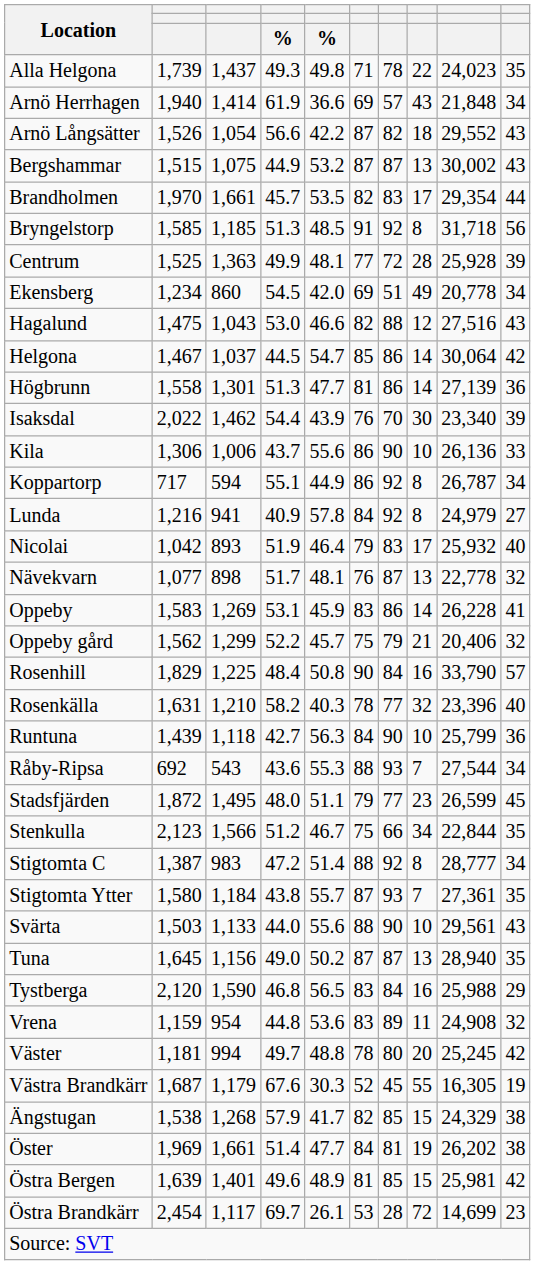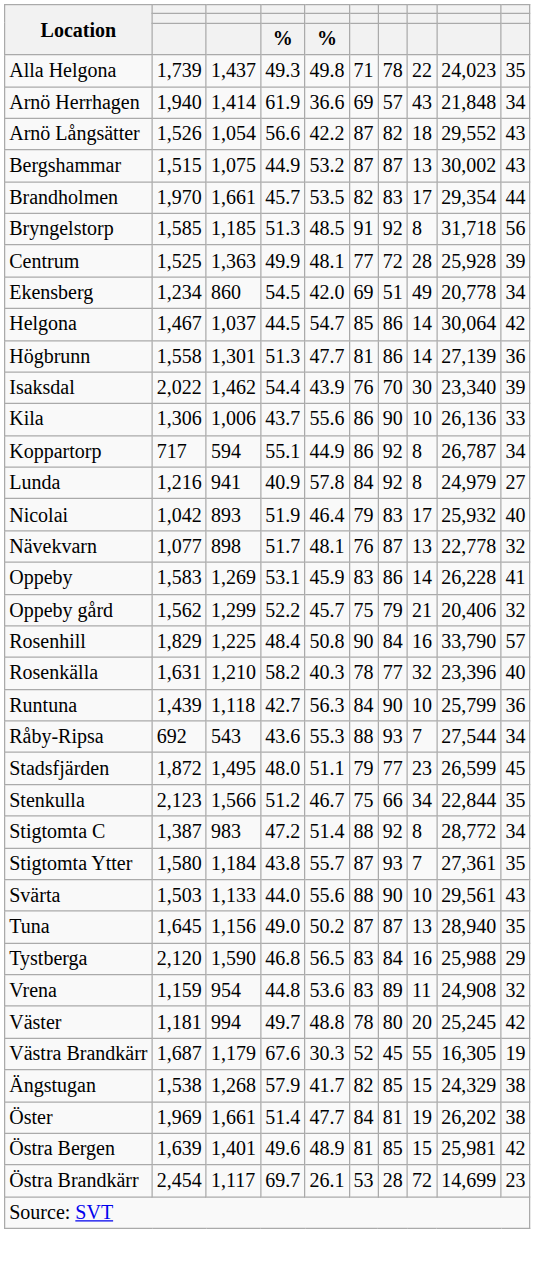 <table role="presentation" class="wikitable sortable mw-collapsible mw-collapsed">
 <tr>
 <th rowspan="3">Location</th>
 <th></th>
 <th></th>
 <th></th>
 <th></th>
 <th></th>
 <th></th>
 <th></th>
 <th></th>
 <th></th>
 </tr>
 <tr>
 <th></th>
 <th></th>
 <th style="background:"></th>
 <th style="background:"></th>
 <th></th>
 <th></th>
 <th></th>
 <th></th>
 <th></th>
 </tr>
 <tr>
 <th data-sort-type="number"></th>
 <th data-sort-type="number"></th>
 <th data-sort-type="number">%</th>
 <th data-sort-type="number">%</th>
 <th data-sort-type="number"></th>
 <th data-sort-type="number"></th>
 <th data-sort-type="number"></th>
 <th data-sort-type="number"></th>
 <th data-sort-type="number"></th>
 </tr>
 <tr>
 <td align="left">Alla Helgona</td>
 <td>1,739</td>
 <td>1,437</td>
 <td>49.3</td>
 <td>49.8</td>
 <td>71</td>
 <td>78</td>
 <td>22</td>
 <td>24,023</td>
 <td>35</td>
 </tr>
 <tr>
 <td align="left">Arnö Herrhagen</td>
 <td>1,940</td>
 <td>1,414</td>
 <td>61.9</td>
 <td>36.6</td>
 <td>69</td>
 <td>57</td>
 <td>43</td>
 <td>21,848</td>
 <td>34</td>
 </tr>
 <tr>
 <td align="left">Arnö Långsätter</td>
 <td>1,526</td>
 <td>1,054</td>
 <td>56.6</td>
 <td>42.2</td>
 <td>87</td>
 <td>82</td>
 <td>18</td>
 <td>29,552</td>
 <td>43</td>
 </tr>
 <tr>
 <td align="left">Bergshammar</td>
 <td>1,515</td>
 <td>1,075</td>
 <td>44.9</td>
 <td>53.2</td>
 <td>87</td>
 <td>87</td>
 <td>13</td>
 <td>30,002</td>
 <td>43</td>
 </tr>
 <tr>
 <td align="left">Brandholmen</td>
 <td>1,970</td>
 <td>1,661</td>
 <td>45.7</td>
 <td>53.5</td>
 <td>82</td>
 <td>83</td>
 <td>17</td>
 <td>29,354</td>
 <td>44</td>
 </tr>
 <tr>
 <td align="left">Bryngelstorp</td>
 <td>1,585</td>
 <td>1,185</td>
 <td>51.3</td>
 <td>48.5</td>
 <td>91</td>
 <td>92</td>
 <td>8</td>
 <td>31,718</td>
 <td>56</td>
 </tr>
 <tr>
 <td align="left">Centrum</td>
 <td>1,525</td>
 <td>1,363</td>
 <td>49.9</td>
 <td>48.1</td>
 <td>77</td>
 <td>72</td>
 <td>28</td>
 <td>25,928</td>
 <td>39</td>
 </tr>
 <tr>
 <td align="left">Ekensberg</td>
 <td>1,234</td>
 <td>860</td>
 <td>54.5</td>
 <td>42.0</td>
 <td>69</td>
 <td>51</td>
 <td>49</td>
 <td>20,778</td>
 <td>34</td>
-</tr>
-<tr>
-<td align="left">Hagalund</td>
-<td>1,475</td>
-<td>1,043</td>
-<td>53.0</td>
-<td>46.6</td>
-<td>82</td>
-<td>88</td>
-<td>12</td>
-<td>27,516</td>
-<td>43</td>
 </tr>
 <tr>
 <td align="left">Helgona</td>
 <td>1,467</td>
 <td>1,037</td>
 <td>44.5</td>
 <td>54.7</td>
 <td>85</td>
 <td>86</td>
 <td>14</td>
 <td>30,064</td>
 <td>42</td>
 </tr>
 <tr>
 <td align="left">Högbrunn</td>
 <td>1,558</td>
 <td>1,301</td>
 <td>51.3</td>
 <td>47.7</td>
 <td>81</td>
 <td>86</td>
 <td>14</td>
 <td>27,139</td>
 <td>36</td>
 </tr>
 <tr>
 <td align="left">Isaksdal</td>
 <td>2,022</td>
 <td>1,462</td>
 <td>54.4</td>
 <td>43.9</td>
 <td>76</td>
 <td>70</td>
 <td>30</td>
 <td>23,340</td>
 <td>39</td>
 </tr>
 <tr>
 <td align="left">Kila</td>
 <td>1,306</td>
 <td>1,006</td>
 <td>43.7</td>
 <td>55.6</td>
 <td>86</td>
 <td>90</td>
 <td>10</td>
 <td>26,136</td>
 <td>33</td>
 </tr>
 <tr>
 <td align="left">Koppartorp</td>
 <td>717</td>
 <td>594</td>
 <td>55.1</td>
 <td>44.9</td>
 <td>86</td>
 <td>92</td>
 <td>8</td>
 <td>26,787</td>
 <td>34</td>
 </tr>
 <tr>
 <td align="left">Lunda</td>
 <td>1,216</td>
 <td>941</td>
 <td>40.9</td>
 <td>57.8</td>
 <td>84</td>
 <td>92</td>
 <td>8</td>
 <td>24,979</td>
 <td>27</td>
 </tr>
 <tr>
 <td align="left">Nicolai</td>
 <td>1,042</td>
 <td>893</td>
 <td>51.9</td>
 <td>46.4</td>
 <td>79</td>
 <td>83</td>
 <td>17</td>
 <td>25,932</td>
 <td>40</td>
 </tr>
 <tr>
 <td align="left">Nävekvarn</td>
 <td>1,077</td>
 <td>898</td>
 <td>51.7</td>
 <td>48.1</td>
 <td>76</td>
 <td>87</td>
 <td>13</td>
 <td>22,778</td>
 <td>32</td>
 </tr>
 <tr>
 <td align="left">Oppeby</td>
 <td>1,583</td>
 <td>1,269</td>
 <td>53.1</td>
 <td>45.9</td>
 <td>83</td>
 <td>86</td>
 <td>14</td>
 <td>26,228</td>
 <td>41</td>
 </tr>
 <tr>
 <td align="left">Oppeby gård</td>
 <td>1,562</td>
 <td>1,299</td>
 <td>52.2</td>
 <td>45.7</td>
 <td>75</td>
 <td>79</td>
 <td>21</td>
 <td>20,406</td>
 <td>32</td>
 </tr>
 <tr>
 <td align="left">Rosenhill</td>
 <td>1,829</td>
 <td>1,225</td>
 <td>48.4</td>
 <td>50.8</td>
 <td>90</td>
 <td>84</td>
 <td>16</td>
 <td>33,790</td>
 <td>57</td>
 </tr>
 <tr>
 <td align="left">Rosenkälla</td>
 <td>1,631</td>
 <td>1,210</td>
 <td>58.2</td>
 <td>40.3</td>
 <td>78</td>
 <td>77</td>
 <td>32</td>
 <td>23,396</td>
 <td>40</td>
 </tr>
 <tr>
 <td align="left">Runtuna</td>
 <td>1,439</td>
 <td>1,118</td>
 <td>42.7</td>
 <td>56.3</td>
 <td>84</td>
 <td>90</td>
 <td>10</td>
 <td>25,799</td>
 <td>36</td>
 </tr>
 <tr>
 <td align="left">Råby-Ripsa</td>
 <td>692</td>
 <td>543</td>
 <td>43.6</td>
 <td>55.3</td>
 <td>88</td>
 <td>93</td>
 <td>7</td>
 <td>27,544</td>
 <td>34</td>
 </tr>
 <tr>
 <td align="left">Stadsfjärden</td>
 <td>1,872</td>
 <td>1,495</td>
 <td>48.0</td>
 <td>51.1</td>
 <td>79</td>
 <td>77</td>
 <td>23</td>
 <td>26,599</td>
 <td>45</td>
 </tr>
 <tr>
 <td align="left">Stenkulla</td>
 <td>2,123</td>
 <td>1,566</td>
 <td>51.2</td>
 <td>46.7</td>
 <td>75</td>
 <td>66</td>
 <td>34</td>
 <td>22,844</td>
 <td>35</td>
 </tr>
 <tr>
 <td align="left">Stigtomta C</td>
 <td>1,387</td>
 <td>983</td>
 <td>47.2</td>
 <td>51.4</td>
 <td>88</td>
 <td>92</td>
 <td>8</td>
-<td>28,777</td>
+<td>28,772</td>
 <td>34</td>
 </tr>
 <tr>
 <td align="left">Stigtomta Ytter</td>
 <td>1,580</td>
 <td>1,184</td>
 <td>43.8</td>
 <td>55.7</td>
 <td>87</td>
 <td>93</td>
 <td>7</td>
 <td>27,361</td>
 <td>35</td>
 </tr>
 <tr>
 <td align="left">Svärta</td>
 <td>1,503</td>
 <td>1,133</td>
 <td>44.0</td>
 <td>55.6</td>
 <td>88</td>
 <td>90</td>
 <td>10</td>
 <td>29,561</td>
 <td>43</td>
 </tr>
 <tr>
 <td align="left">Tuna</td>
 <td>1,645</td>
 <td>1,156</td>
 <td>49.0</td>
 <td>50.2</td>
 <td>87</td>
 <td>87</td>
 <td>13</td>
 <td>28,940</td>
 <td>35</td>
 </tr>
 <tr>
 <td align="left">Tystberga</td>
 <td>2,120</td>
 <td>1,590</td>
 <td>46.8</td>
 <td>56.5</td>
 <td>83</td>
 <td>84</td>
 <td>16</td>
 <td>25,988</td>
 <td>29</td>
 </tr>
 <tr>
 <td align="left">Vrena</td>
 <td>1,159</td>
 <td>954</td>
 <td>44.8</td>
 <td>53.6</td>
 <td>83</td>
 <td>89</td>
 <td>11</td>
 <td>24,908</td>
 <td>32</td>
 </tr>
 <tr>
 <td align="left">Väster</td>
 <td>1,181</td>
 <td>994</td>
 <td>49.7</td>
 <td>48.8</td>
 <td>78</td>
 <td>80</td>
 <td>20</td>
 <td>25,245</td>
 <td>42</td>
 </tr>
 <tr>
 <td align="left">Västra Brandkärr</td>
 <td>1,687</td>
 <td>1,179</td>
 <td>67.6</td>
 <td>30.3</td>
 <td>52</td>
 <td>45</td>
 <td>55</td>
 <td>16,305</td>
 <td>19</td>
 </tr>
 <tr>
 <td align="left">Ängstugan</td>
 <td>1,538</td>
 <td>1,268</td>
 <td>57.9</td>
 <td>41.7</td>
 <td>82</td>
 <td>85</td>
 <td>15</td>
 <td>24,329</td>
 <td>38</td>
 </tr>
 <tr>
 <td align="left">Öster</td>
 <td>1,969</td>
 <td>1,661</td>
 <td>51.4</td>
 <td>47.7</td>
 <td>84</td>
 <td>81</td>
 <td>19</td>
 <td>26,202</td>
 <td>38</td>
 </tr>
 <tr>
 <td align="left">Östra Bergen</td>
 <td>1,639</td>
 <td>1,401</td>
 <td>49.6</td>
 <td>48.9</td>
 <td>81</td>
 <td>85</td>
 <td>15</td>
 <td>25,981</td>
 <td>42</td>
 </tr>
 <tr>
 <td align="left">Östra Brandkärr</td>
 <td>2,454</td>
 <td>1,117</td>
 <td>69.7</td>
 <td>26.1</td>
 <td>53</td>
 <td>28</td>
 <td>72</td>
 <td>14,699</td>
 <td>23</td>
 </tr>
 <tr>
 <td colspan="10" align="left">Source: <a href='#'>SVT</a></td>
 </tr>
 </table>
